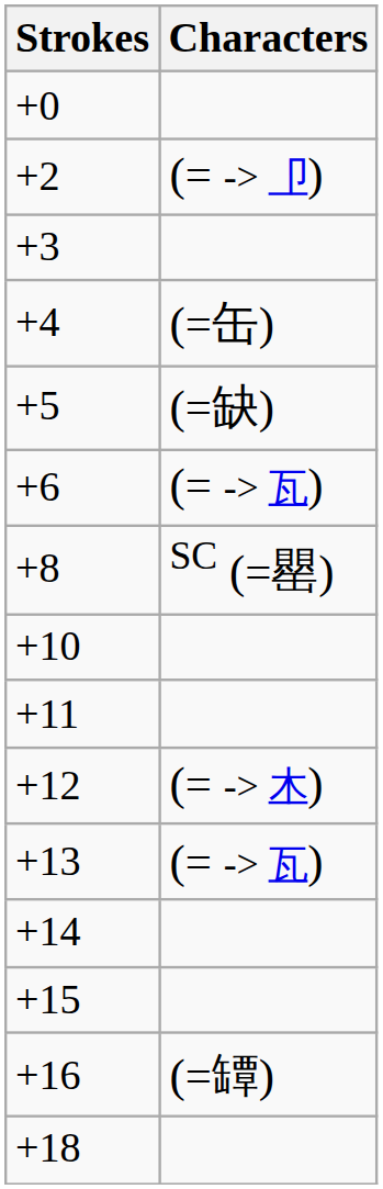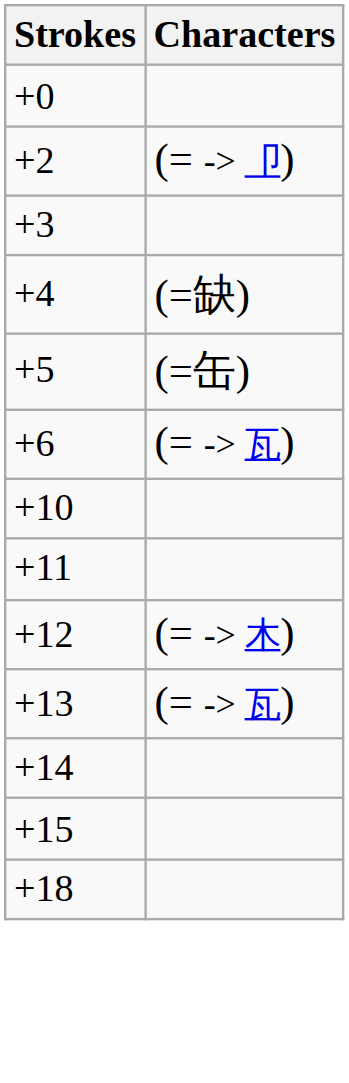 <table class="wikitable">
 <tr>
 <th>Strokes</th>
 <th>Characters</th>
 </tr>
 <tr>
 <td>+0</td>
 <td style="font-size: large;"></td>
 </tr>
 <tr>
 <td>+2</td>
 <td style="font-size: large;"> (= <small>-> <a href='#'>卩</a></small>)</td>
 </tr>
 <tr>
 <td>+3</td>
 <td style="font-size: large;"></td>
 </tr>
 <tr>
 <td>+4</td>
-<td style="font-size: large;"> (=缶‎) </td>
+<td style="font-size: large;">   (=缺)</td>
 </tr>
 <tr>
 <td>+5</td>
-<td style="font-size: large;">   (=缺)</td>
+<td style="font-size: large;"> (=缶‎) </td>
 </tr>
 <tr>
 <td>+6</td>
 <td style="font-size: large;"> (= <small>-> <a href='#'>瓦</a></small>)  </td>
-</tr>
-<tr>
-<td>+8</td>
-<td style="font-size: large;"> <sup>SC</sup> (=罌)</td>
 </tr>
 <tr>
 <td>+10</td>
 <td style="font-size: large;"></td>
 </tr>
 <tr>
 <td>+11</td>
 <td style="font-size: large;">  </td>
 </tr>
 <tr>
 <td>+12</td>
 <td style="font-size: large;"> (= <small>-> <a href='#'>木</a></small>)  </td>
 </tr>
 <tr>
 <td>+13</td>
 <td style="font-size: large;">  (= <small>-> <a href='#'>瓦</a></small>)</td>
 </tr>
 <tr>
 <td>+14</td>
 <td style="font-size: large;"></td>
 </tr>
 <tr>
 <td>+15</td>
 <td style="font-size: large;"></td>
 </tr>
 <tr>
-<td>+16</td>
-<td style="font-size: large;"> (=罈) </td>
-</tr>
-<tr>
 <td>+18</td>
 <td style="font-size: large;"></td>
 </tr>
 </table>
